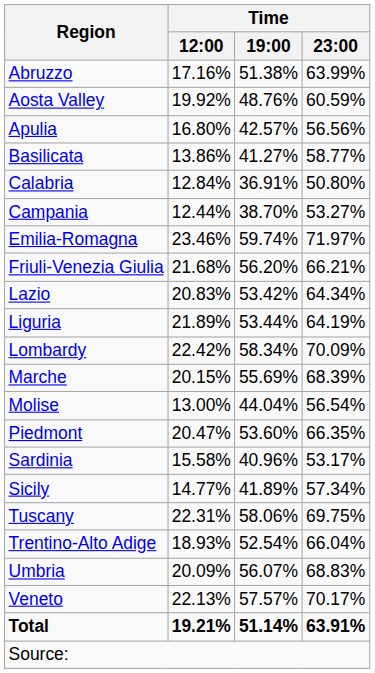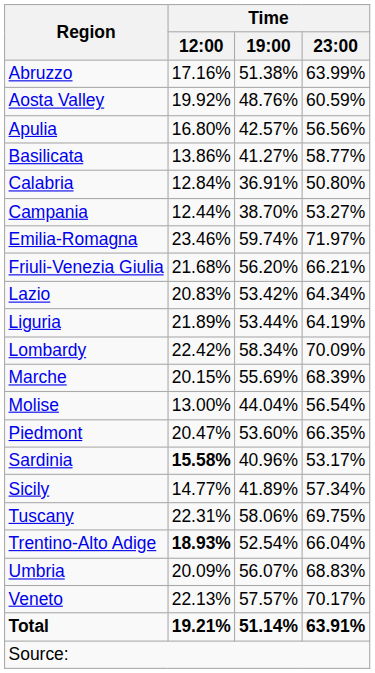 <table class="wikitable sortable mw-collapsible" style=text-align:left>
 <tr>
 <th rowspan=2>Region</th>
 <th colspan=3>Time</th>
 </tr>
 <tr>
 <th>12:00</th>
 <th>19:00</th>
 <th>23:00</th>
 </tr>
 <tr>
 <td><a href='#'>Abruzzo</a></td>
 <td>17.16%</td>
 <td>51.38%</td>
 <td>63.99%</td>
 </tr>
 <tr>
 <td><a href='#'>Aosta Valley</a></td>
 <td>19.92%</td>
 <td>48.76%</td>
 <td>60.59%</td>
 </tr>
 <tr>
 <td><a href='#'>Apulia</a></td>
 <td>16.80%</td>
 <td>42.57%</td>
 <td>56.56%</td>
 </tr>
 <tr>
 <td><a href='#'>Basilicata</a></td>
 <td>13.86%</td>
 <td>41.27%</td>
 <td>58.77%</td>
 </tr>
 <tr>
 <td><a href='#'>Calabria</a></td>
 <td>12.84%</td>
 <td>36.91%</td>
 <td>50.80%</td>
 </tr>
 <tr>
 <td><a href='#'>Campania</a></td>
 <td>12.44%</td>
 <td>38.70%</td>
 <td>53.27%</td>
 </tr>
 <tr>
 <td><a href='#'>Emilia-Romagna</a></td>
 <td>23.46%</td>
 <td>59.74%</td>
 <td>71.97%</td>
 </tr>
 <tr>
 <td><a href='#'>Friuli-Venezia Giulia</a></td>
 <td>21.68%</td>
 <td>56.20%</td>
 <td>66.21%</td>
 </tr>
 <tr>
 <td><a href='#'>Lazio</a></td>
 <td>20.83%</td>
 <td>53.42%</td>
 <td>64.34%</td>
 </tr>
 <tr>
 <td><a href='#'>Liguria</a></td>
 <td>21.89%</td>
 <td>53.44%</td>
 <td>64.19%</td>
 </tr>
 <tr>
 <td><a href='#'>Lombardy</a></td>
 <td>22.42%</td>
 <td>58.34%</td>
 <td>70.09%</td>
 </tr>
 <tr>
 <td><a href='#'>Marche</a></td>
 <td>20.15%</td>
 <td>55.69%</td>
 <td>68.39%</td>
 </tr>
 <tr>
 <td><a href='#'>Molise</a></td>
 <td>13.00%</td>
 <td>44.04%</td>
 <td>56.54%</td>
 </tr>
 <tr>
 <td><a href='#'>Piedmont</a></td>
 <td>20.47%</td>
 <td>53.60%</td>
 <td>66.35%</td>
 </tr>
 <tr>
 <td><a href='#'>Sardinia</a></td>
-<td>15.58%</td>
+<td><strong>15.58%</strong></td>
 <td>40.96%</td>
 <td>53.17%</td>
 </tr>
 <tr>
 <td><a href='#'>Sicily</a></td>
 <td>14.77%</td>
 <td>41.89%</td>
 <td>57.34%</td>
 </tr>
 <tr>
 <td><a href='#'>Tuscany</a></td>
 <td>22.31%</td>
 <td>58.06%</td>
 <td>69.75%</td>
 </tr>
 <tr>
 <td><a href='#'>Trentino-Alto Adige</a></td>
-<td>18.93%</td>
+<td><strong>18.93%</strong></td>
 <td>52.54%</td>
 <td>66.04%</td>
 </tr>
 <tr>
 <td><a href='#'>Umbria</a></td>
 <td>20.09%</td>
 <td>56.07%</td>
 <td>68.83%</td>
 </tr>
 <tr>
 <td><a href='#'>Veneto</a></td>
 <td>22.13%</td>
 <td>57.57%</td>
 <td>70.17%</td>
 </tr>
 <tr>
 <td><strong>Total</strong></td>
 <td><strong>19.21%</strong></td>
 <td><strong>51.14%</strong></td>
 <td><strong>63.91%</strong></td>
 </tr>
 <tr class="sortbottom">
 <td colspan=4>Source: </td>
 </tr>
 </table>
